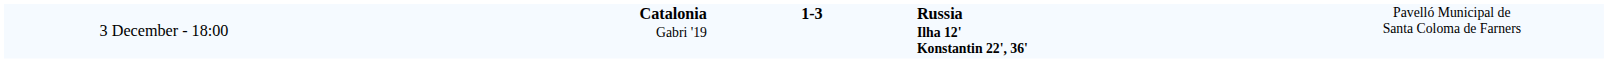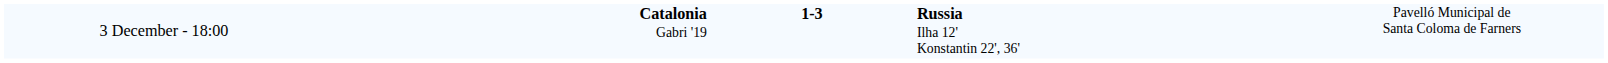 <table style="width: 100%; background:#F5FAFF;" cellspacing="0">
 <tr>
 <td align=center rowspan=3 width=20%>3 December - 18:00</td>
 </tr>
 <tr>
 <td width=24% align=right><strong>Catalonia</strong> </td>
 <td align=center width=13%><strong>1-3</strong></td>
 <td width=24%> <strong>Russia</strong></td>
 <td style=font-size:85% rowspan=3 valign=top align=center>Pavelló Municipal de <br>Santa Coloma de Farners</td>
 </tr>
 <tr style=font-size:85%>
 <td align=right valign=top>Gabri '19</td>
 <td></td>
-<td valign=top><strong>Ilha 12'<br>Konstantin 22', 36'</strong></td>
+<td valign=top>Ilha 12'<br>Konstantin 22', 36'</td>
 </tr>
 </table>
